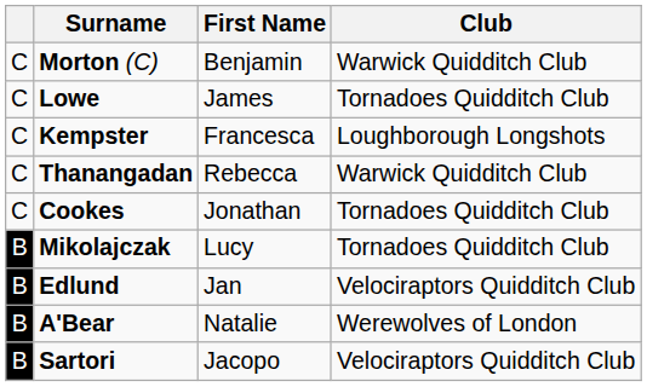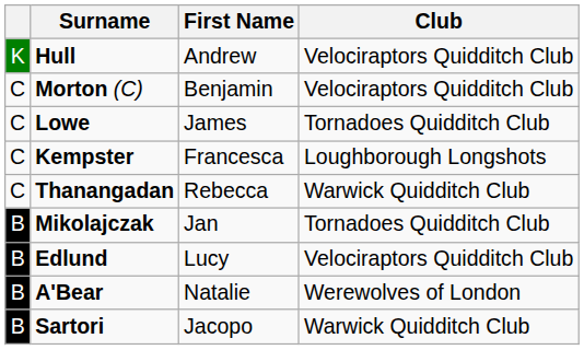 <table class="wikitable sortable mw-collapsible mw-collapsed">
 <tr>
 <th></th>
 <th>Surname</th>
 <th>First Name</th>
 <th>Club</th>
 </tr>
 <tr>
+<td style="text-align:center; background:Green; color:white">K</td>
+<td><strong>Hull</strong></td>
+<td>Andrew</td>
+<td>Velociraptors Quidditch Club</td>
+</tr>
+<tr>
 <td>C</td>
 <td><strong>Morton</strong> <em>(C)</em></td>
 <td>Benjamin</td>
-<td>Warwick Quidditch Club</td>
+<td>Velociraptors Quidditch Club</td>
 </tr>
 <tr>
 <td>C</td>
 <td><strong>Lowe</strong></td>
 <td>James</td>
 <td>Tornadoes Quidditch Club</td>
 </tr>
 <tr>
 <td>C</td>
 <td><strong>Kempster</strong></td>
 <td>Francesca</td>
 <td>Loughborough Longshots</td>
 </tr>
 <tr>
 <td>C</td>
 <td><strong>Thanangadan</strong></td>
 <td>Rebecca</td>
 <td>Warwick Quidditch Club</td>
 </tr>
 <tr>
-<td>C</td>
-<td><strong>Cookes</strong></td>
-<td>Jonathan</td>
-<td>Tornadoes Quidditch Club</td>
-</tr>
-<tr>
 <td style="text-align:center; background:Black; color:white">B</td>
 <td><strong>Mikolajczak</strong></td>
-<td>Lucy</td>
+<td>Jan</td>
 <td>Tornadoes Quidditch Club</td>
 </tr>
 <tr>
 <td style="text-align:center; background:Black; color:white">B</td>
 <td><strong>Edlund</strong></td>
-<td>Jan</td>
+<td>Lucy</td>
 <td>Velociraptors Quidditch Club</td>
 </tr>
 <tr>
 <td style="text-align:center; background:Black; color:white">B</td>
 <td><strong>A'Bear</strong></td>
 <td>Natalie</td>
 <td>Werewolves of London</td>
 </tr>
 <tr>
 <td style="text-align:center; background:Black; color:white">B</td>
 <td><strong>Sartori</strong></td>
 <td>Jacopo</td>
-<td>Velociraptors Quidditch Club</td>
+<td>Warwick Quidditch Club</td>
 </tr>
 </table>
